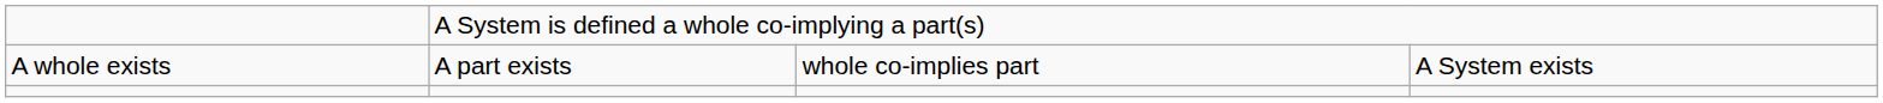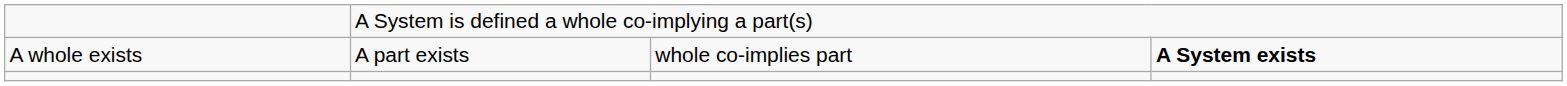 <table class="wikitable" style="width: 60%">
 <tr>
 <td></td>
 <td colspan=3>A System is defined a whole co-implying a part(s)</td>
 </tr>
 <tr>
 <td>A whole exists</td>
 <td>A part exists</td>
 <td>whole co-implies part</td>
-<td>A System exists</td>
+<td><strong>A System exists</strong></td>
 </tr>
 <tr>
 <td><div></div></td>
 <td><div></div></td>
 <td><div></div></td>
 <td><div></div></td>
 </tr>
 </table>
